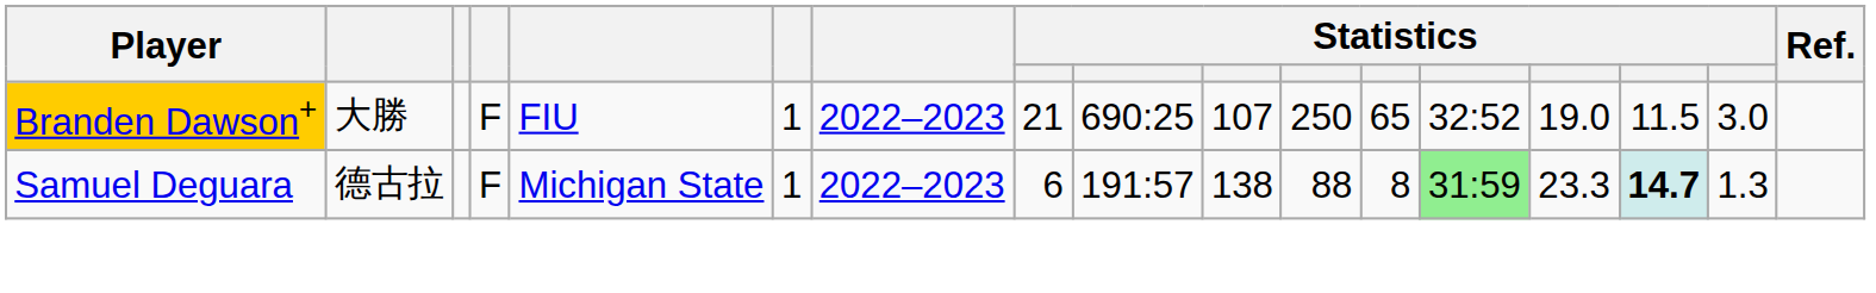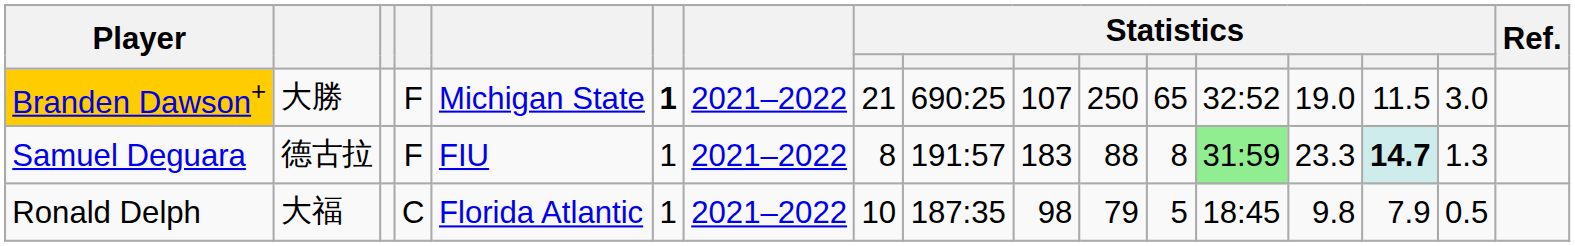 <table class="wikitable sortable" style="font-size:95%; text-align:right;">
 <tr>
 <th rowspan="2">Player</th>
 <th rowspan="2"></th>
 <th rowspan="2"></th>
 <th rowspan="2"></th>
 <th rowspan="2"></th>
 <th rowspan="2"></th>
 <th rowspan="2"></th>
 <th colspan="9">Statistics</th>
 <th rowspan="2">Ref.</th>
 </tr>
 <tr>
 <th></th>
 <th></th>
 <th></th>
 <th></th>
 <th></th>
 <th></th>
 <th></th>
 <th></th>
 <th></th>
 </tr>
 <tr>
 <td align="left" bgcolor="#FFCC00"><a href='#'>Branden Dawson</a><sup>+</sup></td>
 <td align="left">大勝</td>
 <td align="center"></td>
 <td align="center">F</td>
-<td align="left"><a href='#'>FIU</a></td>
-<td align="center">1</td>
-<td align="center"><a href='#'>2022–2023</a></td>
+<td align="left"><a href='#'>Michigan State</a></td>
+<td align="center"><strong>1</strong></td>
+<td align="center"><a href='#'>2021–2022</a></td>
 <td>21</td>
 <td>690:25</td>
 <td>107</td>
 <td>250</td>
 <td>65</td>
 <td>32:52</td>
 <td>19.0</td>
 <td>11.5</td>
 <td>3.0</td>
 <td align="center"></td>
 </tr>
 <tr>
 <td align="left"><a href='#'>Samuel Deguara</a></td>
 <td align="left">德古拉</td>
 <td align="center"></td>
 <td align="center">F</td>
-<td align="left"><a href='#'>Michigan State</a></td>
+<td align="left"><a href='#'>FIU</a></td>
 <td align="center">1</td>
-<td align="center"><a href='#'>2022–2023</a></td>
-<td>6</td>
+<td align="center"><a href='#'>2021–2022</a></td>
+<td>8</td>
 <td>191:57</td>
-<td>138</td>
+<td>183</td>
 <td>88</td>
 <td>8</td>
 <td style="background: lightgreen;">31:59</td>
 <td>23.3</td>
 <td bgcolor="#CFECEC"><strong>14.7</strong></td>
 <td>1.3</td>
 <td align="center"></td>
 </tr>
+<tr>
+<td align="left">Ronald Delph</td>
+<td align="left">大福</td>
+<td align="center"></td>
+<td align="center">C</td>
+<td align="left"><a href='#'>Florida Atlantic</a></td>
+<td align="center">1</td>
+<td align="center"><a href='#'>2021–2022</a></td>
+<td>10</td>
+<td>187:35</td>
+<td>98</td>
+<td>79</td>
+<td>5</td>
+<td>18:45</td>
+<td>9.8</td>
+<td>7.9</td>
+<td>0.5</td>
+<td align="center"></td>
+</tr>
 </table>
